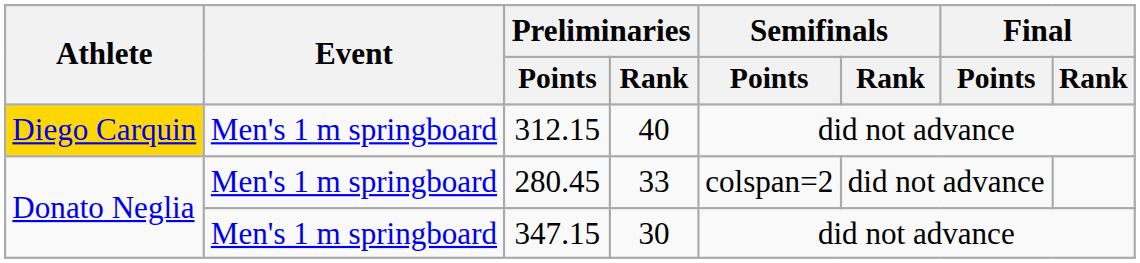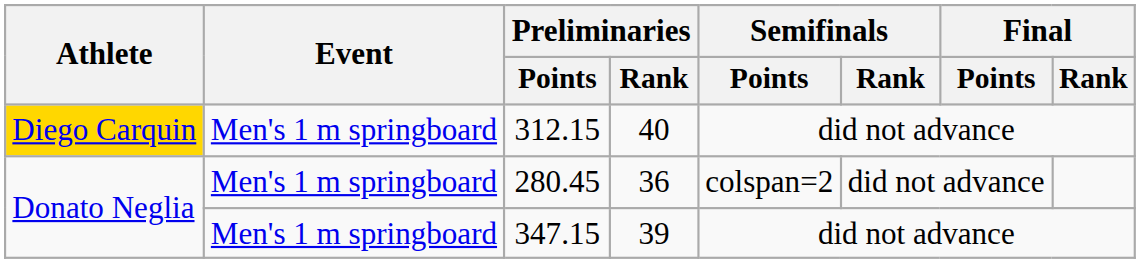 <table class="wikitable" style="font-size:90%">
 <tr>
 <th rowspan="2">Athlete</th>
 <th rowspan="2">Event</th>
 <th colspan="2">Preliminaries</th>
 <th colspan="2">Semifinals</th>
 <th colspan="2">Final</th>
 </tr>
 <tr style="font-size:95%">
 <th>Points</th>
 <th>Rank</th>
 <th>Points</th>
 <th>Rank</th>
 <th>Points</th>
 <th>Rank</th>
 </tr>
 <tr align="center">
 <td align="left" style="background: gold;"><a href='#'>Diego Carquin</a></td>
 <td align="left"><a href='#'>Men's 1 m springboard</a></td>
 <td>312.15</td>
 <td>40</td>
 <td colspan=4>did not advance</td>
 </tr>
 <tr align="center">
 <td align="left" rowspan=2><a href='#'>Donato Neglia</a></td>
 <td align="left"><a href='#'>Men's 1 m springboard</a></td>
 <td>280.45</td>
-<td>33</td>
+<td>36</td>
 <td>colspan=2 </td>
 <td colspan=2>did not advance</td>
 </tr>
 <tr align="center">
 <td align="left"><a href='#'>Men's 1 m springboard</a></td>
 <td>347.15</td>
-<td>30</td>
+<td>39</td>
 <td colspan=4>did not advance</td>
 </tr>
 </table>
